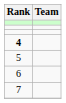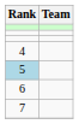 <table class="wikitable">
 <tr>
 <th>Rank</th>
 <th>Team</th>
 </tr>
 <tr bgcolor=#ccffcc>
 <td align=center></td>
 <td></td>
 </tr>
 <tr>
 <td align=center></td>
 <td></td>
 </tr>
 <tr>
 <td align=center></td>
 <td></td>
 </tr>
 <tr>
-<td align=center><strong>4</strong></td>
+<td align=center>4</td>
 <td></td>
 </tr>
 <tr>
-<td align=center>5</td>
+<td align=center style="background: lightblue;">5</td>
 <td></td>
 </tr>
 <tr>
 <td align=center>6</td>
 <td></td>
 </tr>
 <tr>
 <td align=center>7</td>
 <td></td>
 </tr>
 <tr>
 </tr>
 </table>
